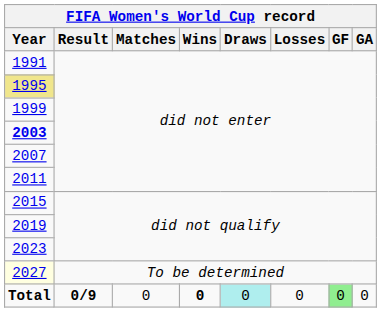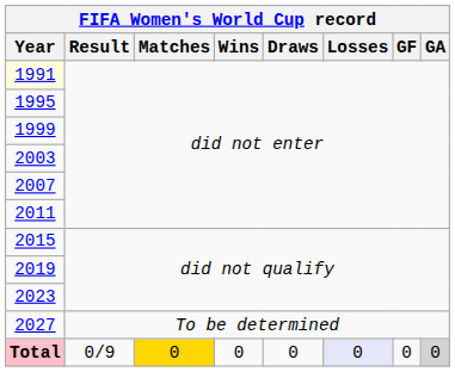 <table class="wikitable" style="text-align: center;">
 <tr>
 <th colspan=8><a href='#'>FIFA Women's World Cup</a> record</th>
 </tr>
 <tr>
 <th>Year</th>
 <th>Result</th>
 <th>Matches</th>
 <th>Wins</th>
 <th>Draws</th>
 <th>Losses</th>
 <th>GF</th>
 <th>GA</th>
 </tr>
 <tr>
-<td> <a href='#'>1991</a></td>
+<td style="background: lightyellow;"> <a href='#'>1991</a></td>
 <td rowspan=6 colspan=7><em>did not enter</em></td>
 </tr>
 <tr>
-<td style="background: khaki;"> <a href='#'>1995</a></td>
+<td> <a href='#'>1995</a></td>
 </tr>
 <tr>
 <td> <a href='#'>1999</a></td>
 </tr>
 <tr>
-<td><strong> <a href='#'>2003</a></strong></td>
+<td> <a href='#'>2003</a></td>
 </tr>
 <tr>
 <td> <a href='#'>2007</a></td>
 </tr>
 <tr>
 <td> <a href='#'>2011</a></td>
 </tr>
 <tr>
 <td> <a href='#'>2015</a></td>
 <td rowspan=3 colspan=7><em>did not qualify</em></td>
 </tr>
 <tr>
 <td> <a href='#'>2019</a></td>
 </tr>
 <tr>
 <td> <a href='#'>2023</a></td>
 </tr>
 <tr>
-<td style="background: lightyellow;"> <a href='#'>2027</a></td>
+<td> <a href='#'>2027</a></td>
 <td colspan=7><em>To be determined</em></td>
 </tr>
 <tr>
-<td><strong>Total</strong></td>
-<td><strong>0/9</strong></td>
+<td style="background: pink;"><strong>Total</strong></td>
+<td>0/9</td>
+<td style="background: gold;">0</td>
 <td>0</td>
-<td><strong>0</strong></td>
-<td style="background: paleturquoise;">0</td>
 <td>0</td>
-<td style="background: lightgreen;">0</td>
+<td style="background: lavender;">0</td>
 <td>0</td>
+<td style="background: lightgrey;">0</td>
 </tr>
 </table>
